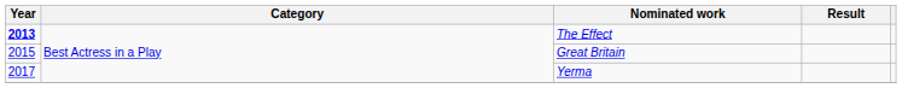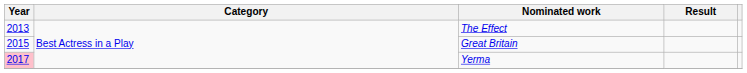 <table class="wikitable" width = 74%>
 <tr>
 <th width=4%>Year</th>
 <th width=58%>Category</th>
 <th width=28%>Nominated work</th>
 <th width=10%>Result</th>
 <th width=5%></th>
 </tr>
 <tr>
-<td><strong><a href='#'>2013</a></strong></td>
+<td><a href='#'>2013</a></td>
 <td rowspan=3><a href='#'>Best Actress in a Play</a></td>
 <td><em><a href='#'>The Effect</a></em></td>
 <td></td>
 <td></td>
 </tr>
 <tr>
 <td><a href='#'>2015</a></td>
 <td><em><a href='#'>Great Britain</a></em></td>
 <td></td>
 <td></td>
 </tr>
 <tr>
-<td><a href='#'>2017</a></td>
+<td style="background: pink;"><a href='#'>2017</a></td>
 <td><em><a href='#'>Yerma</a></em></td>
 <td></td>
 <td></td>
 </tr>
 <tr>
 </tr>
 </table>
